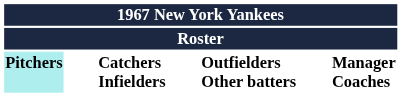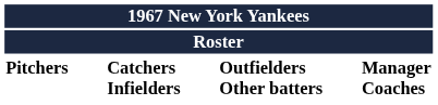 <table class="toccolours" style="font-size: 95%;">
 <tr>
 <th colspan="10" style="background-color: #1c2841; color: white; text-align: center;">1967 New York Yankees</th>
 </tr>
 <tr>
 <td colspan="10" style="background-color: #1c2841; color: white; text-align: center;"><strong>Roster</strong></td>
 </tr>
 <tr>
-<td valign="top" style="background: paleturquoise;"><strong>Pitchers</strong><br>              </td>
+<td valign="top"><strong>Pitchers</strong><br>              </td>
 <td width="25px"></td>
 <td valign="top"><strong>Catchers</strong><br>     <strong>Infielders</strong>          </td>
 <td width="25px"></td>
 <td valign="top"><strong>Outfielders</strong><br>        <strong>Other batters</strong> </td>
 <td width="25px"></td>
 <td valign="top"><strong>Manager</strong><br> <strong>Coaches</strong>    </td>
 </tr>
 </table>
